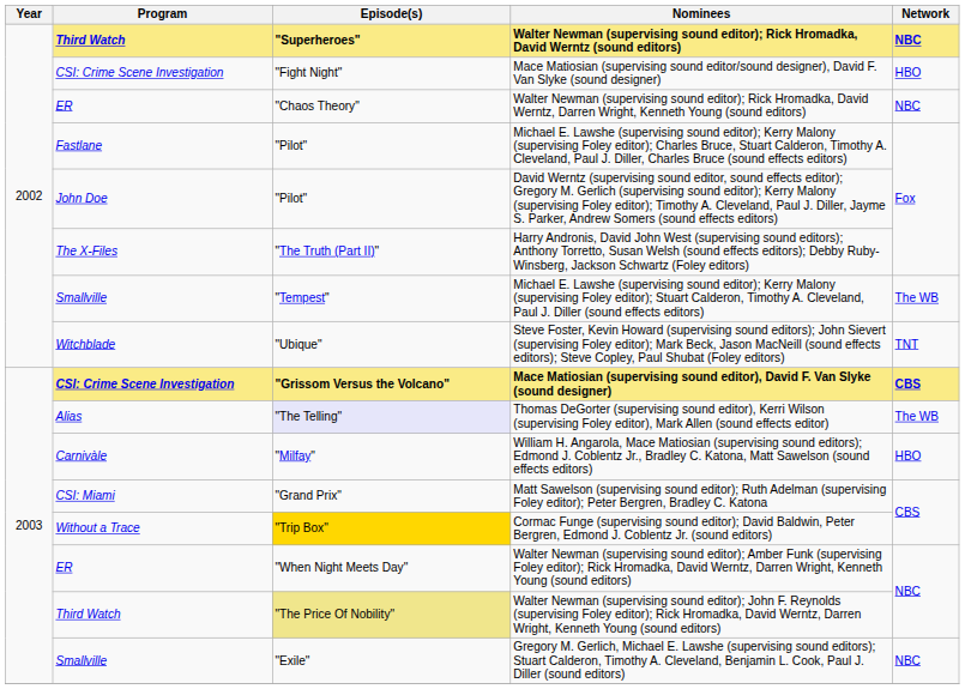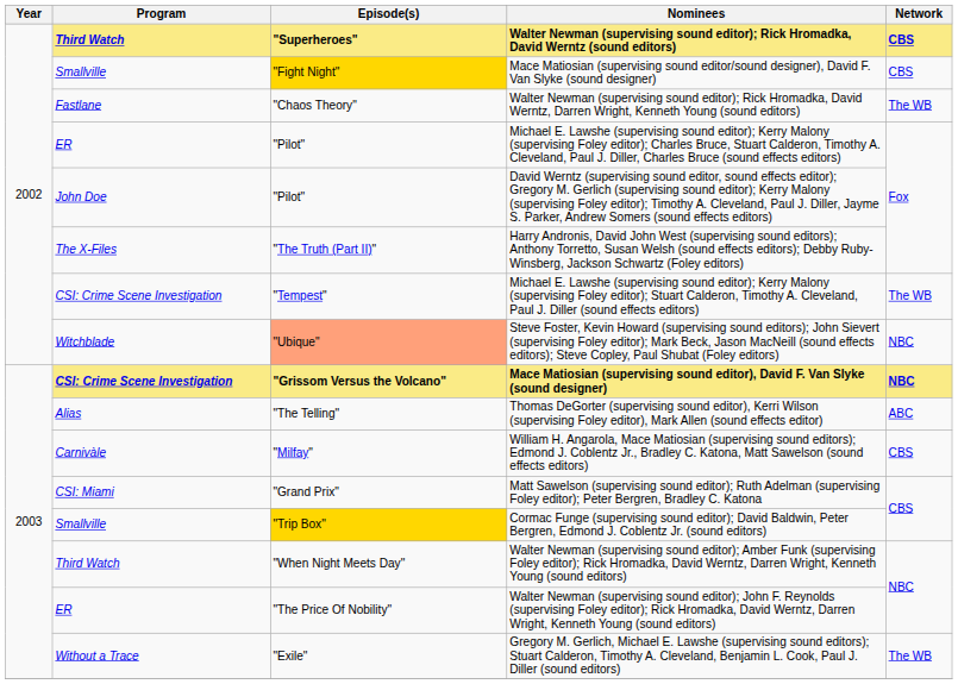 <table class="wikitable" style="width:100%">
 <tr bgcolor="#bebebe">
 <th width="5%">Year</th>
 <th width="23%">Program</th>
 <th width="25%">Episode(s)</th>
 <th width="40%">Nominees</th>
 <th width="7%">Network</th>
 </tr>
 <tr>
 <td rowspan=8 style="text-align:center">2002<br></td>
 <td style="background:#FAEB86;"><strong><em><a href='#'>Third Watch</a></em></strong></td>
 <td style="background:#FAEB86;"><strong>"Superheroes"</strong></td>
 <td style="background:#FAEB86;"><strong>Walter Newman (supervising sound editor); Rick Hromadka, David Werntz (sound editors)</strong></td>
-<td style="background:#FAEB86;"><strong><a href='#'>NBC</a></strong></td>
+<td style="background:#FAEB86;"><strong><a href='#'>CBS</a></strong></td>
 </tr>
 <tr>
-<td><em><a href='#'>CSI: Crime Scene Investigation</a></em></td>
-<td>"Fight Night"</td>
+<td><em><a href='#'>Smallville</a></em></td>
+<td style="background: gold;">"Fight Night"</td>
 <td>Mace Matiosian (supervising sound editor/sound designer), David F. Van Slyke (sound designer)</td>
-<td><a href='#'>HBO</a></td>
+<td><a href='#'>CBS</a></td>
+</tr>
+<tr>
+<td><em><a href='#'>Fastlane</a></em></td>
+<td>"Chaos Theory"</td>
+<td>Walter Newman (supervising sound editor); Rick Hromadka, David Werntz, Darren Wright, Kenneth Young (sound editors)</td>
+<td><a href='#'>The WB</a></td>
 </tr>
 <tr>
 <td><em><a href='#'>ER</a></em></td>
-<td>"Chaos Theory"</td>
-<td>Walter Newman (supervising sound editor); Rick Hromadka, David Werntz, Darren Wright, Kenneth Young (sound editors)</td>
-<td><a href='#'>NBC</a></td>
-</tr>
-<tr>
-<td><em><a href='#'>Fastlane</a></em></td>
 <td>"Pilot"</td>
 <td>Michael E. Lawshe (supervising sound editor); Kerry Malony (supervising Foley editor); Charles Bruce, Stuart Calderon, Timothy A. Cleveland, Paul J. Diller, Charles Bruce (sound effects editors)</td>
 <td rowspan="3"><a href='#'>Fox</a></td>
 </tr>
 <tr>
 <td><em><a href='#'>John Doe</a></em></td>
 <td>"Pilot"</td>
 <td>David Werntz (supervising sound editor, sound effects editor); Gregory M. Gerlich (supervising sound editor); Kerry Malony (supervising Foley editor); Timothy A. Cleveland, Paul J. Diller, Jayme S. Parker, Andrew Somers (sound effects editors)</td>
 </tr>
 <tr>
 <td><em><a href='#'>The X-Files</a></em></td>
 <td>"<a href='#'>The Truth (Part II)</a>"</td>
 <td>Harry Andronis, David John West (supervising sound editors); Anthony Torretto, Susan Welsh (sound effects editors); Debby Ruby-Winsberg, Jackson Schwartz (Foley editors)</td>
 </tr>
 <tr>
-<td><em><a href='#'>Smallville</a></em></td>
+<td><em><a href='#'>CSI: Crime Scene Investigation</a></em></td>
 <td>"<a href='#'>Tempest</a>"</td>
 <td>Michael E. Lawshe (supervising sound editor); Kerry Malony (supervising Foley editor); Stuart Calderon, Timothy A. Cleveland, Paul J. Diller (sound effects editors)</td>
 <td><a href='#'>The WB</a></td>
 </tr>
 <tr>
 <td><em><a href='#'>Witchblade</a></em></td>
-<td>"Ubique"</td>
+<td style="background: lightsalmon;">"Ubique"</td>
 <td>Steve Foster, Kevin Howard (supervising sound editors); John Sievert (supervising Foley editor); Mark Beck, Jason MacNeill (sound effects editors); Steve Copley, Paul Shubat (Foley editors)</td>
-<td><a href='#'>TNT</a></td>
+<td><a href='#'>NBC</a></td>
 </tr>
 <tr>
 <td rowspan=8 style="text-align:center">2003<br></td>
 <td style="background:#FAEB86;"><strong><em><a href='#'>CSI: Crime Scene Investigation</a></em></strong></td>
 <td style="background:#FAEB86;"><strong>"Grissom Versus the Volcano"</strong></td>
 <td style="background:#FAEB86;"><strong>Mace Matiosian (supervising sound editor), David F. Van Slyke (sound designer)</strong></td>
-<td style="background:#FAEB86;"><strong><a href='#'>CBS</a></strong></td>
+<td style="background:#FAEB86;"><strong><a href='#'>NBC</a></strong></td>
 </tr>
 <tr>
 <td><em><a href='#'>Alias</a></em></td>
-<td style="background: lavender;">"The Telling"</td>
+<td>"The Telling"</td>
 <td>Thomas DeGorter (supervising sound editor), Kerri Wilson (supervising Foley editor), Mark Allen (sound effects editor)</td>
-<td><a href='#'>The WB</a></td>
+<td><a href='#'>ABC</a></td>
 </tr>
 <tr>
 <td><em><a href='#'>Carnivàle</a></em></td>
 <td>"<a href='#'>Milfay</a>"</td>
 <td>William H. Angarola, Mace Matiosian (supervising sound editors); Edmond J. Coblentz Jr., Bradley C. Katona, Matt Sawelson (sound effects editors)</td>
-<td><a href='#'>HBO</a></td>
+<td><a href='#'>CBS</a></td>
 </tr>
 <tr>
 <td><em><a href='#'>CSI: Miami</a></em></td>
 <td>"Grand Prix"</td>
 <td>Matt Sawelson (supervising sound editor); Ruth Adelman (supervising Foley editor); Peter Bergren, Bradley C. Katona</td>
 <td rowspan="2"><a href='#'>CBS</a></td>
 </tr>
 <tr>
-<td><em><a href='#'>Without a Trace</a></em></td>
+<td><em><a href='#'>Smallville</a></em></td>
 <td style="background: gold;">"Trip Box"</td>
 <td>Cormac Funge (supervising sound editor); David Baldwin, Peter Bergren, Edmond J. Coblentz Jr. (sound editors)</td>
 </tr>
 <tr>
-<td><em><a href='#'>ER</a></em></td>
+<td><em><a href='#'>Third Watch</a></em></td>
 <td>"When Night Meets Day"</td>
 <td>Walter Newman (supervising sound editor); Amber Funk (supervising Foley editor); Rick Hromadka, David Werntz, Darren Wright, Kenneth Young (sound editors)</td>
 <td rowspan="2"><a href='#'>NBC</a></td>
 </tr>
 <tr>
-<td><em><a href='#'>Third Watch</a></em></td>
-<td style="background: khaki;">"The Price Of Nobility"</td>
+<td><em><a href='#'>ER</a></em></td>
+<td>"The Price Of Nobility"</td>
 <td>Walter Newman (supervising sound editor); John F. Reynolds (supervising Foley editor); Rick Hromadka, David Werntz, Darren Wright, Kenneth Young (sound editors)</td>
 </tr>
 <tr>
-<td><em><a href='#'>Smallville</a></em></td>
+<td><em><a href='#'>Without a Trace</a></em></td>
 <td>"Exile"</td>
 <td>Gregory M. Gerlich, Michael E. Lawshe (supervising sound editors); Stuart Calderon, Timothy A. Cleveland, Benjamin L. Cook, Paul J. Diller (sound editors)</td>
-<td><a href='#'>NBC</a></td>
+<td><a href='#'>The WB</a></td>
 </tr>
 <tr>
 </tr>
 </table>
